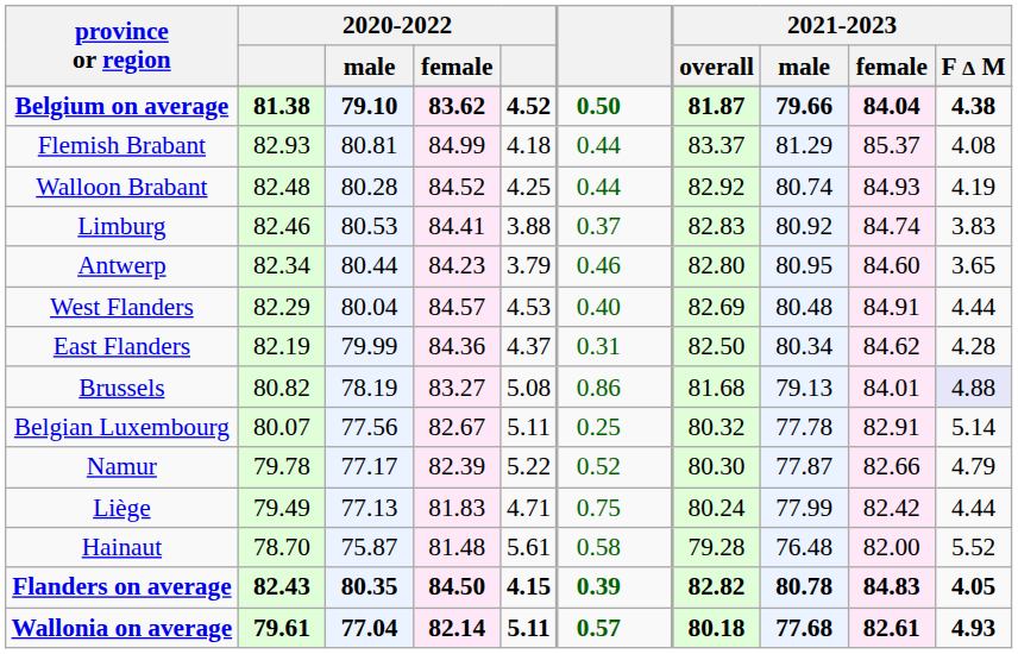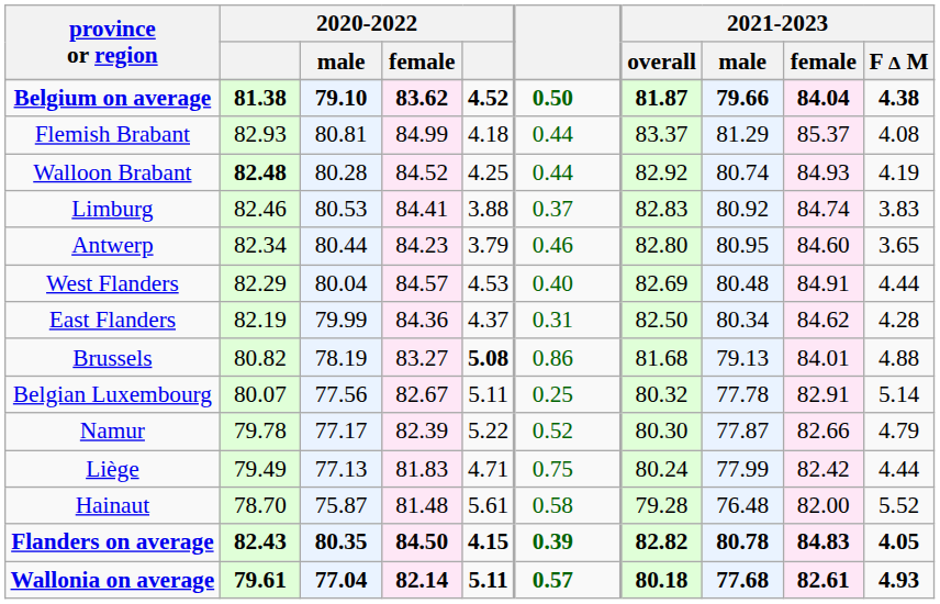 <table class="wikitable sortable mw-datatable static-row-numbers col1left col6right" style="text-align:center;">
 <tr>
 <th rowspan=2 style="vertical-align:middle;"><a href='#'>province</a><br>or <a href='#'>region</a></th>
 <th colspan=4>2020-2022</th>
 <th rowspan=2 style="vertical-align:middle;width:4em;border-left-width:2px;"></th>
 <th colspan=4 style="border-left-width:2px;">2021-2023</th>
 </tr>
 <tr>
 <th style="vertical-align:middle;min-width:3em;"></th>
 <th style="vertical-align:middle;min-width:3em;">male</th>
 <th style="vertical-align:middle;min-width:3em;">female</th>
 <th style="vertical-align:middle;"></th>
 <th style="vertical-align:middle;min-width:3em;border-left-width:2px;">overall</th>
 <th style="vertical-align:middle;min-width:3em;">male</th>
 <th style="vertical-align:middle;min-width:3em;">female</th>
 <th style="vertical-align:middle;">F <small>Δ</small> M</th>
 </tr>
 <tr>
 </tr>
 <tr class=static-row-header>
 <td><strong><a href='#'>Belgium on average</a></strong></td>
 <td style="background:#e0ffd8;"><strong>81.38</strong></td>
 <td style="background:#eaf3ff;"><strong>79.10</strong></td>
 <td style="background:#fee7f6;"><strong>83.62</strong></td>
 <td><strong>4.52</strong></td>
 <td style="color:darkgreen;padding-right:3.2ex;border-left-width:2px;"><strong>0.50</strong></td>
 <td style="background:#e0ffd8;border-left-width:2px;"><strong>81.87</strong></td>
 <td style="background:#eaf3ff;"><strong>79.66</strong></td>
 <td style="background:#fee7f6;"><strong>84.04</strong></td>
 <td><strong>4.38</strong></td>
 </tr>
 <tr>
 <td><a href='#'>Flemish Brabant</a></td>
 <td style="background:#e0ffd8;">82.93</td>
 <td style="background:#eaf3ff;">80.81</td>
 <td style="background:#fee7f6;">84.99</td>
 <td>4.18</td>
 <td style="color:darkgreen;padding-right:3.2ex;border-left-width:2px;">0.44</td>
 <td style="background:#e0ffd8;border-left-width:2px;">83.37</td>
 <td style="background:#eaf3ff;">81.29</td>
 <td style="background:#fee7f6;">85.37</td>
 <td>4.08</td>
 </tr>
 <tr>
 <td><a href='#'>Walloon Brabant</a></td>
-<td style="background:#e0ffd8;">82.48</td>
+<td style="background:#e0ffd8;"><strong>82.48</strong></td>
 <td style="background:#eaf3ff;">80.28</td>
 <td style="background:#fee7f6;">84.52</td>
 <td>4.25</td>
 <td style="color:darkgreen;padding-right:3.2ex;border-left-width:2px;">0.44</td>
 <td style="background:#e0ffd8;border-left-width:2px;">82.92</td>
 <td style="background:#eaf3ff;">80.74</td>
 <td style="background:#fee7f6;">84.93</td>
 <td>4.19</td>
 </tr>
 <tr>
 <td><a href='#'>Limburg</a></td>
 <td style="background:#e0ffd8;">82.46</td>
 <td style="background:#eaf3ff;">80.53</td>
 <td style="background:#fee7f6;">84.41</td>
 <td>3.88</td>
 <td style="color:darkgreen;padding-right:3.2ex;border-left-width:2px;">0.37</td>
 <td style="background:#e0ffd8;border-left-width:2px;">82.83</td>
 <td style="background:#eaf3ff;">80.92</td>
 <td style="background:#fee7f6;">84.74</td>
 <td>3.83</td>
 </tr>
 <tr>
 <td><a href='#'>Antwerp</a></td>
 <td style="background:#e0ffd8;">82.34</td>
 <td style="background:#eaf3ff;">80.44</td>
 <td style="background:#fee7f6;">84.23</td>
 <td>3.79</td>
 <td style="color:darkgreen;padding-right:3.2ex;border-left-width:2px;">0.46</td>
 <td style="background:#e0ffd8;border-left-width:2px;">82.80</td>
 <td style="background:#eaf3ff;">80.95</td>
 <td style="background:#fee7f6;">84.60</td>
 <td>3.65</td>
 </tr>
 <tr>
 <td><a href='#'>West Flanders</a></td>
 <td style="background:#e0ffd8;">82.29</td>
 <td style="background:#eaf3ff;">80.04</td>
 <td style="background:#fee7f6;">84.57</td>
 <td>4.53</td>
 <td style="color:darkgreen;padding-right:3.2ex;border-left-width:2px;">0.40</td>
 <td style="background:#e0ffd8;border-left-width:2px;">82.69</td>
 <td style="background:#eaf3ff;">80.48</td>
 <td style="background:#fee7f6;">84.91</td>
 <td>4.44</td>
 </tr>
 <tr>
 <td><a href='#'>East Flanders</a></td>
 <td style="background:#e0ffd8;">82.19</td>
 <td style="background:#eaf3ff;">79.99</td>
 <td style="background:#fee7f6;">84.36</td>
 <td>4.37</td>
 <td style="color:darkgreen;padding-right:3.2ex;border-left-width:2px;">0.31</td>
 <td style="background:#e0ffd8;border-left-width:2px;">82.50</td>
 <td style="background:#eaf3ff;">80.34</td>
 <td style="background:#fee7f6;">84.62</td>
 <td>4.28</td>
 </tr>
 <tr>
 <td><a href='#'>Brussels</a></td>
 <td style="background:#e0ffd8;">80.82</td>
 <td style="background:#eaf3ff;">78.19</td>
 <td style="background:#fee7f6;">83.27</td>
-<td>5.08</td>
+<td><strong>5.08</strong></td>
 <td style="color:darkgreen;padding-right:3.2ex;border-left-width:2px;">0.86</td>
 <td style="background:#e0ffd8;border-left-width:2px;">81.68</td>
 <td style="background:#eaf3ff;">79.13</td>
 <td style="background:#fee7f6;">84.01</td>
-<td style="background: lavender;">4.88</td>
+<td>4.88</td>
 </tr>
 <tr>
 <td><a href='#'>Belgian Luxembourg</a></td>
 <td style="background:#e0ffd8;">80.07</td>
 <td style="background:#eaf3ff;">77.56</td>
 <td style="background:#fee7f6;">82.67</td>
 <td>5.11</td>
 <td style="color:darkgreen;padding-right:3.2ex;border-left-width:2px;">0.25</td>
 <td style="background:#e0ffd8;border-left-width:2px;">80.32</td>
 <td style="background:#eaf3ff;">77.78</td>
 <td style="background:#fee7f6;">82.91</td>
 <td>5.14</td>
 </tr>
 <tr>
 <td><a href='#'>Namur</a></td>
 <td style="background:#e0ffd8;">79.78</td>
 <td style="background:#eaf3ff;">77.17</td>
 <td style="background:#fee7f6;">82.39</td>
 <td>5.22</td>
 <td style="color:darkgreen;padding-right:3.2ex;border-left-width:2px;">0.52</td>
 <td style="background:#e0ffd8;border-left-width:2px;">80.30</td>
 <td style="background:#eaf3ff;">77.87</td>
 <td style="background:#fee7f6;">82.66</td>
 <td>4.79</td>
 </tr>
 <tr>
 <td><a href='#'>Liège</a></td>
 <td style="background:#e0ffd8;">79.49</td>
 <td style="background:#eaf3ff;">77.13</td>
 <td style="background:#fee7f6;">81.83</td>
 <td>4.71</td>
 <td style="color:darkgreen;padding-right:3.2ex;border-left-width:2px;">0.75</td>
 <td style="background:#e0ffd8;border-left-width:2px;">80.24</td>
 <td style="background:#eaf3ff;">77.99</td>
 <td style="background:#fee7f6;">82.42</td>
 <td>4.44</td>
 </tr>
 <tr>
 <td><a href='#'>Hainaut</a></td>
 <td style="background:#e0ffd8;">78.70</td>
 <td style="background:#eaf3ff;">75.87</td>
 <td style="background:#fee7f6;">81.48</td>
 <td>5.61</td>
 <td style="color:darkgreen;padding-right:3.2ex;border-left-width:2px;">0.58</td>
 <td style="background:#e0ffd8;border-left-width:2px;">79.28</td>
 <td style="background:#eaf3ff;">76.48</td>
 <td style="background:#fee7f6;">82.00</td>
 <td>5.52</td>
 </tr>
 <tr class=static-row-header>
 <td><strong><a href='#'>Flanders on average</a></strong></td>
 <td style="background:#e0ffd8;"><strong>82.43</strong></td>
 <td style="background:#eaf3ff;"><strong>80.35</strong></td>
 <td style="background:#fee7f6;"><strong>84.50</strong></td>
 <td><strong>4.15</strong></td>
 <td style="color:darkgreen;padding-right:3.2ex;border-left-width:2px;"><strong>0.39</strong></td>
 <td style="background:#e0ffd8;border-left-width:2px;"><strong>82.82</strong></td>
 <td style="background:#eaf3ff;"><strong>80.78</strong></td>
 <td style="background:#fee7f6;"><strong>84.83</strong></td>
 <td><strong>4.05</strong></td>
 </tr>
 <tr class=static-row-header>
 <td><strong><a href='#'>Wallonia on average</a></strong></td>
 <td style="background:#e0ffd8;"><strong>79.61</strong></td>
 <td style="background:#eaf3ff;"><strong>77.04</strong></td>
 <td style="background:#fee7f6;"><strong>82.14</strong></td>
 <td><strong>5.11</strong></td>
 <td style="color:darkgreen;padding-right:3.2ex;border-left-width:2px;"><strong>0.57</strong></td>
 <td style="background:#e0ffd8;border-left-width:2px;"><strong>80.18</strong></td>
 <td style="background:#eaf3ff;"><strong>77.68</strong></td>
 <td style="background:#fee7f6;"><strong>82.61</strong></td>
 <td><strong>4.93</strong></td>
 </tr>
 </table>
